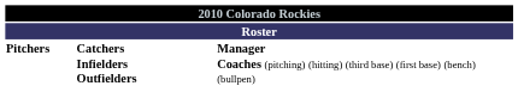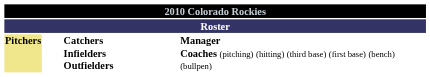 <table class="toccolours" style="font-size: 95%;">
 <tr>
 <th colspan="10" style="background-color: #000000; color: #C4CED4; text-align: center;">2010 Colorado Rockies</th>
 </tr>
 <tr>
 <td colspan="10" style="background-color: #333366; color: #FFFFFF; text-align: center;"><strong>Roster</strong></td>
 </tr>
 <tr>
-<td valign="top"><strong>Pitchers</strong><br>                      </td>
+<td valign="top" style="background: khaki;"><strong>Pitchers</strong><br>                      </td>
 <td width="25px"></td>
 <td valign="top"><strong>Catchers</strong><br>    <strong>Infielders</strong>           <strong>Outfielders</strong>      </td>
 <td width="25px"></td>
 <td valign="top"><strong>Manager</strong><br> <strong>Coaches</strong>  <small>(pitching)</small>  <small>(hitting)</small>  <small>(third base)</small>  <small>(first base)</small>  <small>(bench)</small>  <small>(bullpen)</small></td>
 </tr>
 <tr>
 </tr>
 </table>
